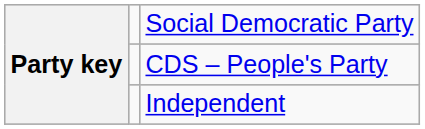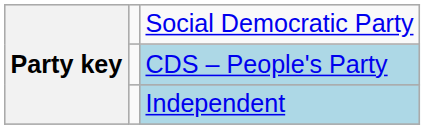 <table class=wikitable>
 <tr>
 <th rowspan=3>Party key</th>
 <td style="background:"></td>
 <td><a href='#'>Social Democratic Party</a></td>
 </tr>
 <tr>
 <td style="background:"></td>
-<td><a href='#'>CDS – People's Party</a></td>
+<td style="background: lightblue;"><a href='#'>CDS – People's Party</a></td>
 </tr>
 <tr>
 <td style="background:"></td>
-<td><a href='#'>Independent</a></td>
+<td style="background: lightblue;"><a href='#'>Independent</a></td>
 </tr>
 </table>
